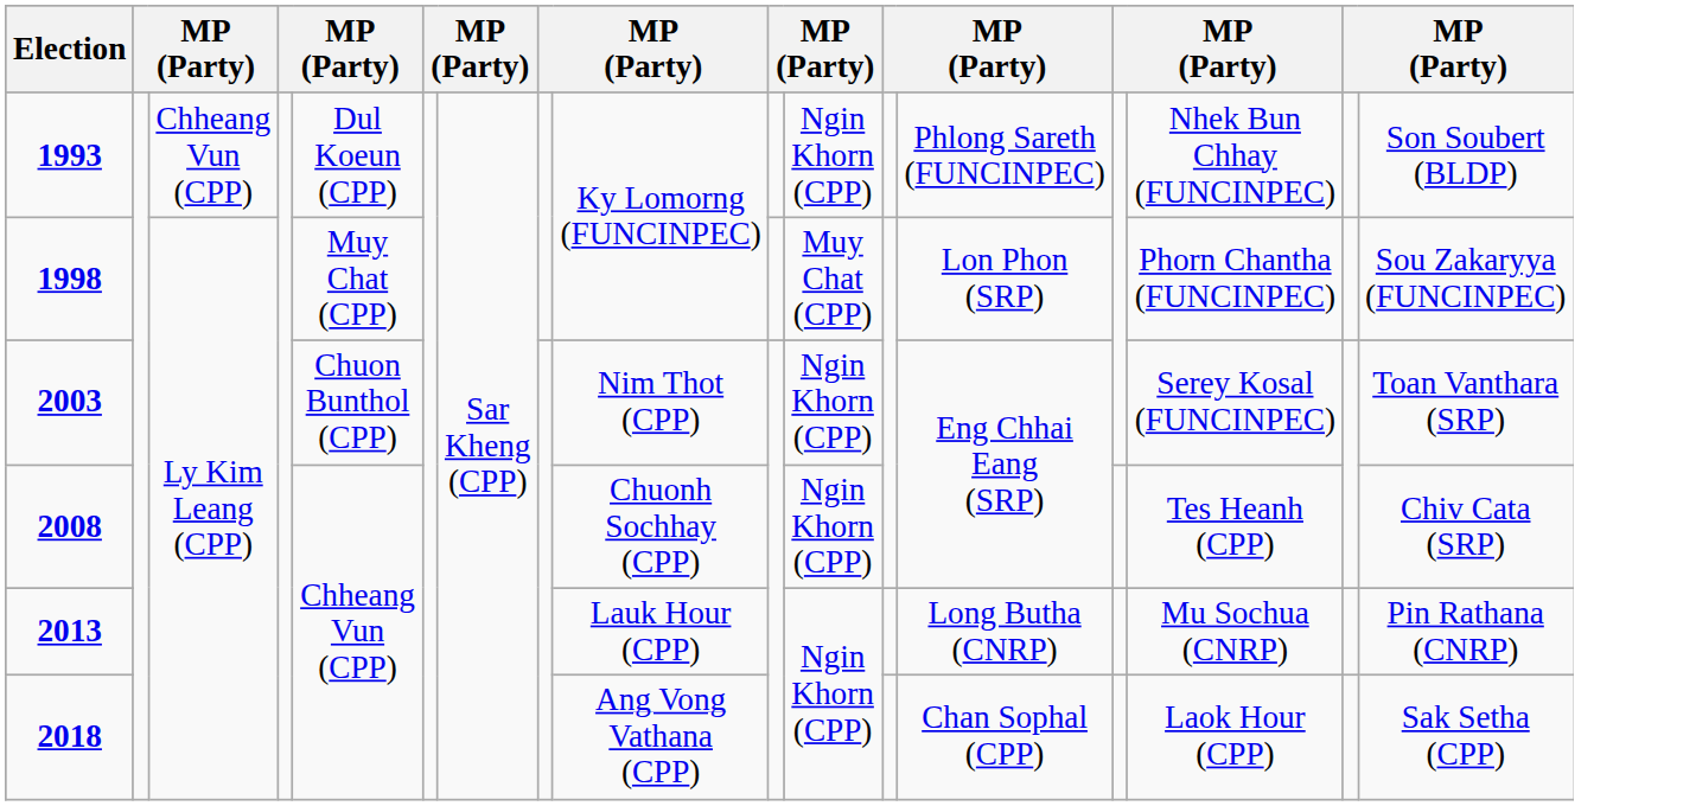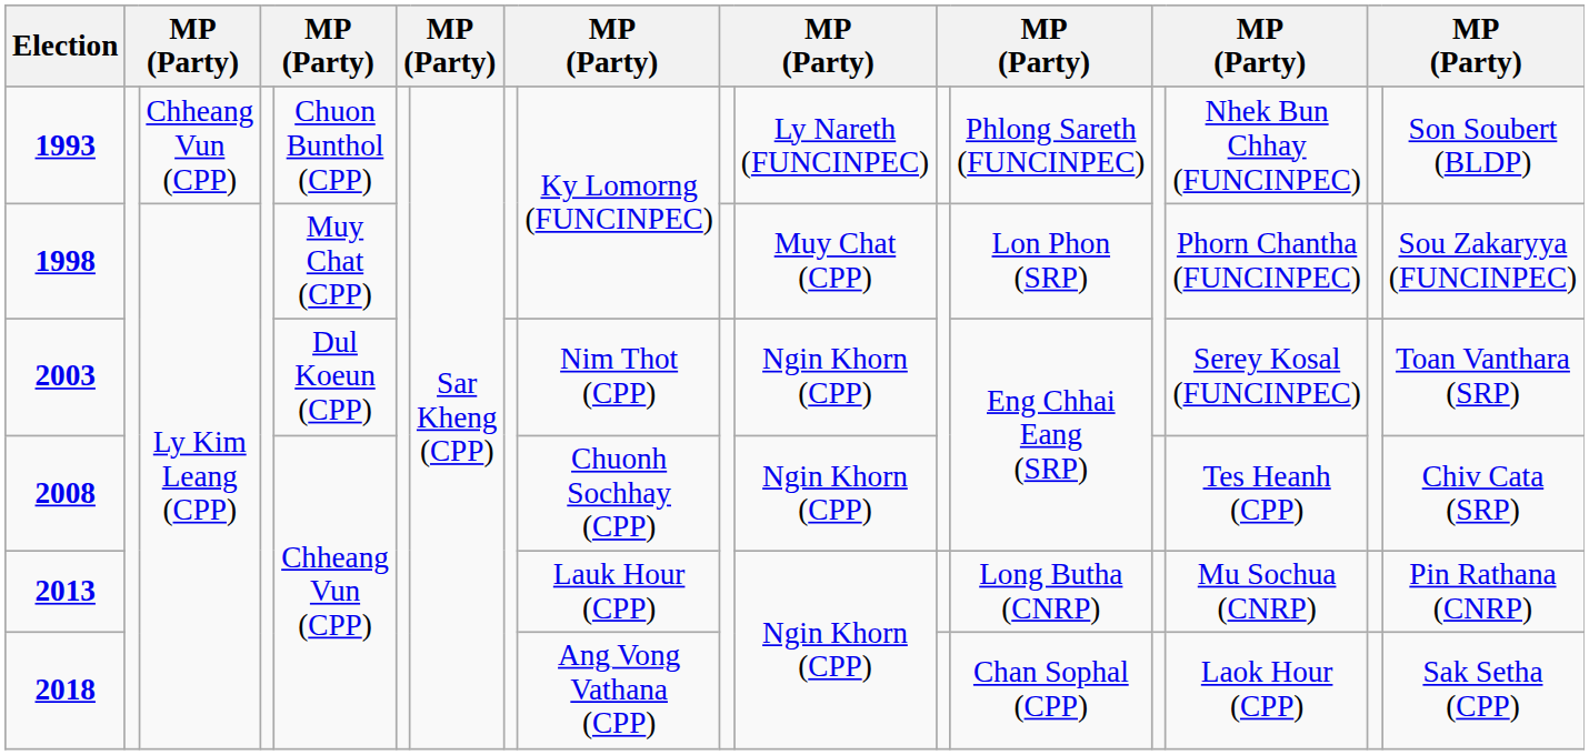 <table class="wikitable" style="text-align:center">
 <tr>
 <th>Election</th>
 <th colspan=2>MP<br>(Party)</th>
 <th colspan=2>MP<br>(Party)</th>
 <th colspan=2>MP<br>(Party)</th>
 <th colspan=2>MP<br>(Party)</th>
 <th colspan=2>MP<br>(Party)</th>
 <th colspan=2>MP<br>(Party)</th>
 <th colspan=2>MP<br>(Party)</th>
 <th colspan=2>MP<br>(Party)</th>
 </tr>
 <tr>
 <td><strong><a href='#'>1993</a></strong></td>
 <td rowspan=6; style="background-color: "></td>
 <td rowspan=1><a href='#'>Chheang Vun</a><br>(<a href='#'>CPP</a>)</td>
 <td rowspan=6; style="background-color: "></td>
-<td rowspan=1><a href='#'>Dul Koeun</a><br>(<a href='#'>CPP</a>)</td>
+<td rowspan=1><a href='#'>Chuon Bunthol</a><br>(<a href='#'>CPP</a>)</td>
 <td rowspan=6; style="background-color: "></td>
 <td rowspan=6><a href='#'>Sar Kheng</a><br>(<a href='#'>CPP</a>)</td>
 <td rowspan=2; style="background-color: "></td>
 <td rowspan=2><a href='#'>Ky Lomorng</a><br>(<a href='#'>FUNCINPEC</a>)</td>
 <td rowspan=1; style="background-color: "></td>
-<td rowspan=1><a href='#'>Ngin Khorn</a><br>(<a href='#'>CPP</a>)</td>
+<td rowspan=1><a href='#'>Ly Nareth</a><br>(<a href='#'>FUNCINPEC</a>)</td>
 <td rowspan=1; style="background-color: "></td>
 <td rowspan=1><a href='#'>Phlong Sareth</a><br>(<a href='#'>FUNCINPEC</a>)</td>
 <td rowspan=3; style="background-color: "></td>
 <td rowspan=1><a href='#'>Nhek Bun Chhay</a><br>(<a href='#'>FUNCINPEC</a>)</td>
 <td rowspan=1; style="background-color: "></td>
 <td rowspan=1><a href='#'>Son Soubert</a><br>(<a href='#'>BLDP</a>)</td>
 </tr>
 <tr>
 <td><strong><a href='#'>1998</a></strong></td>
 <td rowspan=5><a href='#'>Ly Kim Leang</a><br>(<a href='#'>CPP</a>)</td>
 <td rowspan=1><a href='#'>Muy Chat</a><br>(<a href='#'>CPP</a>)</td>
 <td rowspan=1; style="background-color: "></td>
 <td rowspan=1><a href='#'>Muy Chat</a><br>(<a href='#'>CPP</a>)</td>
 <td rowspan=3; style="background-color: "></td>
 <td rowspan=1><a href='#'>Lon Phon</a><br>(<a href='#'>SRP</a>)</td>
 <td rowspan=1><a href='#'>Phorn Chantha</a><br>(<a href='#'>FUNCINPEC</a>)</td>
 <td rowspan=1; style="background-color: "></td>
 <td rowspan=1><a href='#'>Sou Zakaryya</a><br>(<a href='#'>FUNCINPEC</a>)</td>
 </tr>
 <tr>
 <td><strong><a href='#'>2003</a></strong></td>
-<td rowspan=1><a href='#'>Chuon Bunthol</a><br>(<a href='#'>CPP</a>)</td>
+<td rowspan=1><a href='#'>Dul Koeun</a><br>(<a href='#'>CPP</a>)</td>
 <td rowspan=4; style="background-color: "></td>
 <td rowspan=1><a href='#'>Nim Thot</a><br>(<a href='#'>CPP</a>)</td>
 <td rowspan=4; style="background-color: "></td>
 <td rowspan=1><a href='#'>Ngin Khorn</a><br>(<a href='#'>CPP</a>)</td>
 <td rowspan=2><a href='#'>Eng Chhai Eang</a><br>(<a href='#'>SRP</a>)</td>
 <td rowspan=1><a href='#'>Serey Kosal</a><br>(<a href='#'>FUNCINPEC</a>)</td>
 <td rowspan=2; style="background-color: "></td>
 <td rowspan=1><a href='#'>Toan Vanthara</a><br>(<a href='#'>SRP</a>)</td>
 </tr>
 <tr>
 <td><strong><a href='#'>2008</a></strong></td>
 <td rowspan=3><a href='#'>Chheang Vun</a><br>(<a href='#'>CPP</a>)</td>
 <td rowspan=1><a href='#'>Chuonh Sochhay</a><br>(<a href='#'>CPP</a>)</td>
 <td rowspan=1><a href='#'>Ngin Khorn</a><br>(<a href='#'>CPP</a>)</td>
 <td rowspan=1; style="background-color: "></td>
 <td rowspan=1><a href='#'>Tes Heanh</a><br>(<a href='#'>CPP</a>)</td>
 <td rowspan=1><a href='#'>Chiv Cata</a><br>(<a href='#'>SRP</a>)</td>
 </tr>
 <tr>
 <td><strong><a href='#'>2013</a></strong></td>
 <td rowspan=1><a href='#'>Lauk Hour</a><br>(<a href='#'>CPP</a>)</td>
 <td rowspan=2><a href='#'>Ngin Khorn</a><br>(<a href='#'>CPP</a>)</td>
 <td rowspan=1; style="background-color: "></td>
 <td rowspan=1><a href='#'>Long Butha</a><br>(<a href='#'>CNRP</a>)</td>
 <td rowspan=1; style="background-color: "></td>
 <td rowspan=1><a href='#'>Mu Sochua</a><br>(<a href='#'>CNRP</a>)</td>
 <td rowspan=1; style="background-color: "></td>
 <td rowspan=1><a href='#'>Pin Rathana</a><br>(<a href='#'>CNRP</a>)</td>
 </tr>
 <tr>
 <td><strong><a href='#'>2018</a></strong></td>
 <td rowspan=1><a href='#'>Ang Vong Vathana</a><br>(<a href='#'>CPP</a>)</td>
 <td rowspan=1; style="background-color: "></td>
 <td rowspan=1><a href='#'>Chan Sophal</a><br>(<a href='#'>CPP</a>)</td>
 <td rowspan=1; style="background-color: "></td>
 <td rowspan=1><a href='#'>Laok Hour</a><br>(<a href='#'>CPP</a>)</td>
 <td rowspan=1; style="background-color: "></td>
 <td rowspan=1><a href='#'>Sak Setha</a><br>(<a href='#'>CPP</a>)</td>
 </tr>
 </table>
